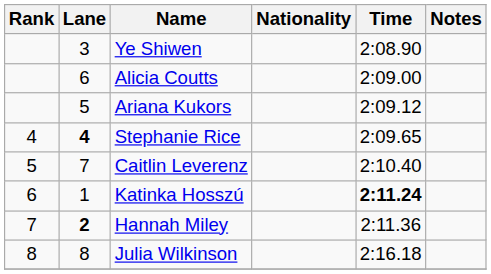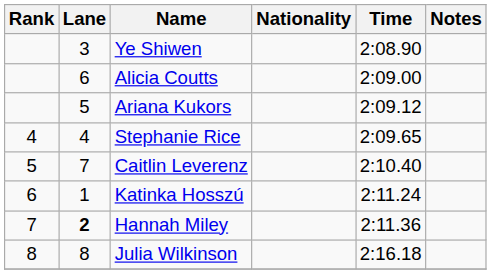 <table class="wikitable sortable" style="text-align:center">
 <tr>
 <th>Rank</th>
 <th>Lane</th>
 <th>Name</th>
 <th>Nationality</th>
 <th>Time</th>
 <th>Notes</th>
 </tr>
 <tr>
 <td></td>
 <td>3</td>
 <td align=left><a href='#'>Ye Shiwen</a></td>
 <td align=left></td>
 <td>2:08.90</td>
 <td></td>
 </tr>
 <tr>
 <td></td>
 <td>6</td>
 <td align=left><a href='#'>Alicia Coutts</a></td>
 <td align=left></td>
 <td>2:09.00</td>
 <td></td>
 </tr>
 <tr>
 <td></td>
 <td>5</td>
 <td align=left><a href='#'>Ariana Kukors</a></td>
 <td align=left></td>
 <td>2:09.12</td>
 <td></td>
 </tr>
 <tr>
 <td>4</td>
-<td><strong>4</strong></td>
+<td>4</td>
 <td align=left><a href='#'>Stephanie Rice</a></td>
 <td align=left></td>
 <td>2:09.65</td>
 <td></td>
 </tr>
 <tr>
 <td>5</td>
 <td>7</td>
 <td align=left><a href='#'>Caitlin Leverenz</a></td>
 <td align=left></td>
 <td>2:10.40</td>
 <td></td>
 </tr>
 <tr>
 <td>6</td>
 <td>1</td>
 <td align=left><a href='#'>Katinka Hosszú</a></td>
 <td align=left></td>
-<td><strong>2:11.24</strong></td>
+<td>2:11.24</td>
 <td></td>
 </tr>
 <tr>
 <td>7</td>
 <td><strong>2</strong></td>
 <td align=left><a href='#'>Hannah Miley</a></td>
 <td align=left></td>
 <td>2:11.36</td>
 <td></td>
 </tr>
 <tr>
 <td>8</td>
 <td>8</td>
 <td align=left><a href='#'>Julia Wilkinson</a></td>
 <td align=left></td>
 <td>2:16.18</td>
 <td></td>
 </tr>
 <tr>
 </tr>
 </table>
